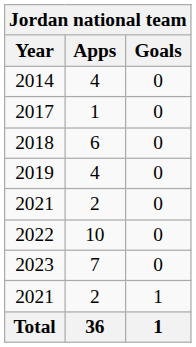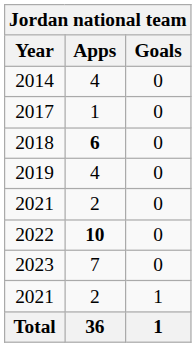 <table class="wikitable" style="text-align:center">
 <tr>
 <th colspan=3>Jordan national team</th>
 </tr>
 <tr>
 <th>Year</th>
 <th>Apps</th>
 <th>Goals</th>
 </tr>
 <tr>
 <td>2014</td>
 <td>4</td>
 <td>0</td>
 </tr>
 <tr>
 <td>2017</td>
 <td>1</td>
 <td>0</td>
 </tr>
 <tr>
 <td>2018</td>
-<td>6</td>
+<td><strong>6</strong></td>
 <td>0</td>
 </tr>
 <tr>
 <td>2019</td>
 <td>4</td>
 <td>0</td>
 </tr>
 <tr>
 <td>2021</td>
 <td>2</td>
 <td>0</td>
 </tr>
 <tr>
 <td>2022</td>
-<td>10</td>
+<td><strong>10</strong></td>
 <td>0</td>
 </tr>
 <tr>
 <td>2023</td>
 <td>7</td>
 <td>0</td>
 </tr>
 <tr>
 <td>2021</td>
 <td>2</td>
 <td>1</td>
 </tr>
 <tr>
 <th>Total</th>
 <th>36</th>
 <th>1</th>
 </tr>
 </table>
